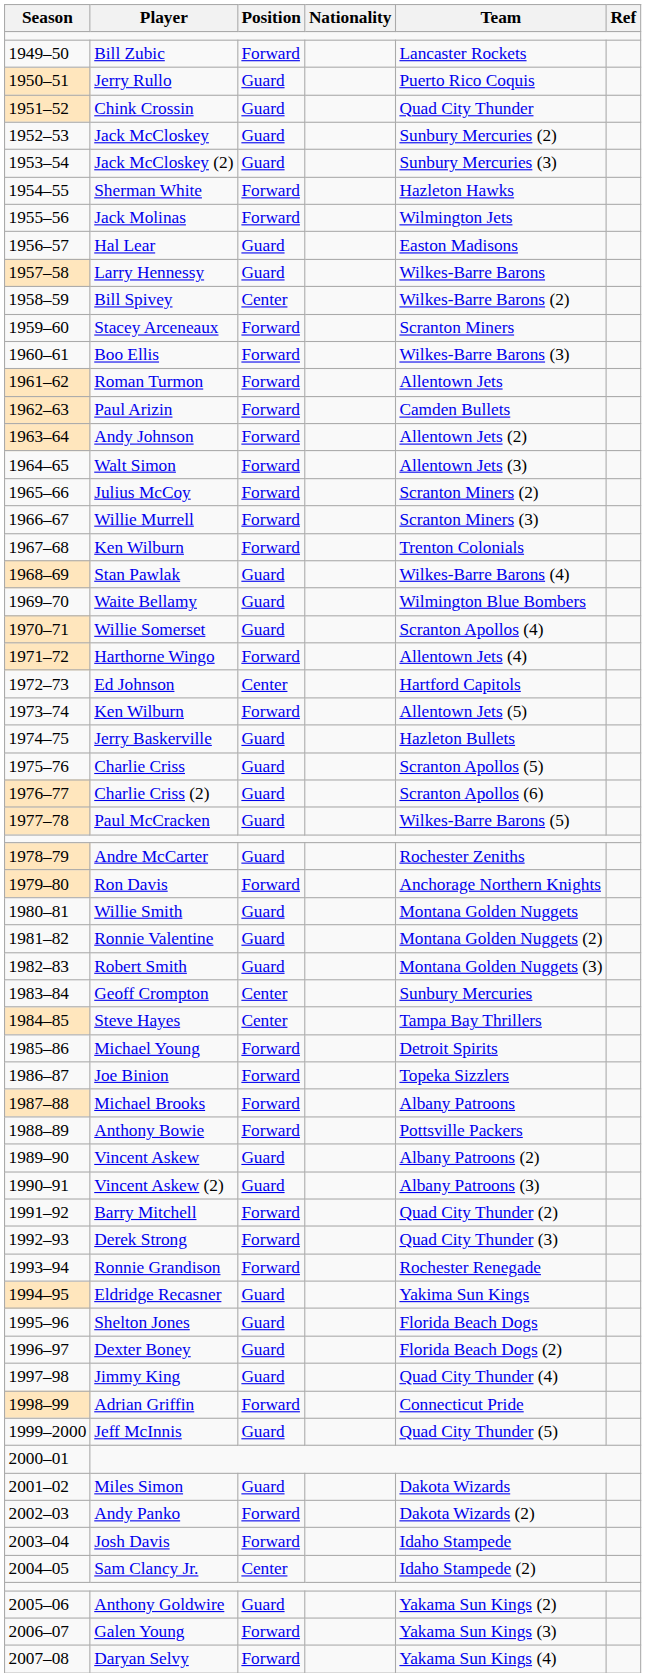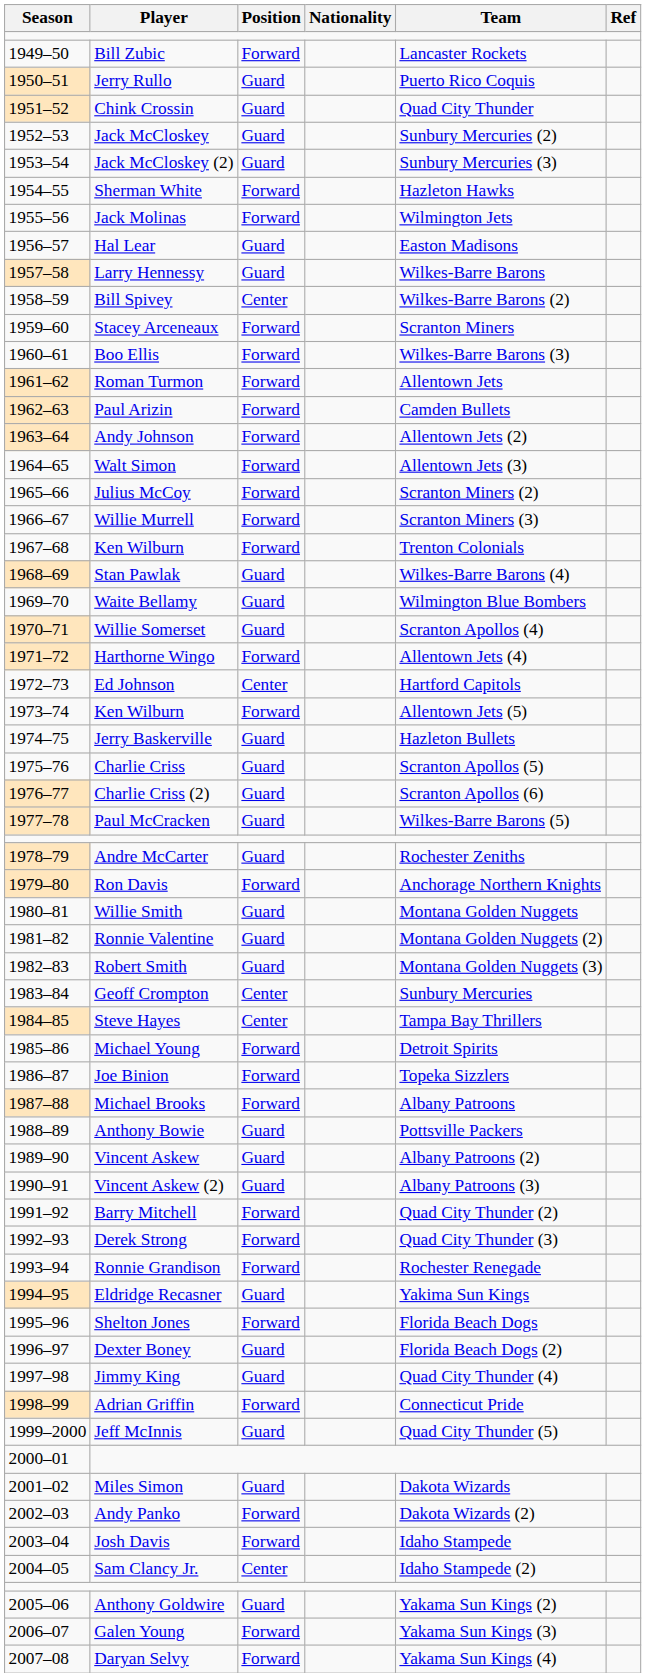 <table class="wikitable plainrowheaders sortable" summary="Season (sortable), Player (sortable), Position (sortable), Nationality (sortable), Team (sortable), Ref (unsortable)">
 <tr>
 <th scope="col">Season</th>
 <th scope="col">Player</th>
 <th scope="col">Position</th>
 <th scope="col">Nationality</th>
 <th scope="col">Team</th>
 <th scope="col">Ref</th>
 </tr>
 <tr>
 <td colspan="6" style="text-align: center;"></td>
 </tr>
 <tr>
 <td>1949–50</td>
 <td><a href='#'>Bill Zubic</a></td>
 <td><a href='#'>Forward</a></td>
 <td></td>
 <td><a href='#'>Lancaster Rockets</a></td>
 <td></td>
 </tr>
 <tr>
 <td style="background-color:#FFE6BD; border:1px solid #aaaaaa;">1950–51</td>
 <td><a href='#'>Jerry Rullo</a></td>
 <td><a href='#'>Guard</a></td>
 <td></td>
 <td><a href='#'>Puerto Rico Coquis</a></td>
 <td></td>
 </tr>
 <tr>
 <td style="background-color:#FFE6BD; border:1px solid #aaaaaa;">1951–52</td>
 <td><a href='#'>Chink Crossin</a></td>
 <td><a href='#'>Guard</a></td>
 <td></td>
 <td><a href='#'>Quad City Thunder</a></td>
 <td></td>
 </tr>
 <tr>
 <td>1952–53</td>
 <td><a href='#'>Jack McCloskey</a></td>
 <td><a href='#'>Guard</a></td>
 <td></td>
 <td><a href='#'>Sunbury Mercuries</a> (2)</td>
 <td></td>
 </tr>
 <tr>
 <td>1953–54</td>
 <td><a href='#'>Jack McCloskey</a> (2)</td>
 <td><a href='#'>Guard</a></td>
 <td></td>
 <td><a href='#'>Sunbury Mercuries</a> (3)</td>
 <td></td>
 </tr>
 <tr>
 <td>1954–55</td>
 <td><a href='#'>Sherman White</a></td>
 <td><a href='#'>Forward</a></td>
 <td></td>
 <td><a href='#'>Hazleton Hawks</a></td>
 <td></td>
 </tr>
 <tr>
 <td>1955–56</td>
 <td><a href='#'>Jack Molinas</a></td>
 <td><a href='#'>Forward</a></td>
 <td></td>
 <td><a href='#'>Wilmington Jets</a></td>
 <td></td>
 </tr>
 <tr>
 <td>1956–57</td>
 <td><a href='#'>Hal Lear</a></td>
 <td><a href='#'>Guard</a></td>
 <td></td>
 <td><a href='#'>Easton Madisons</a></td>
 <td></td>
 </tr>
 <tr>
 <td style="background-color:#FFE6BD; border:1px solid #aaaaaa;">1957–58</td>
 <td><a href='#'>Larry Hennessy</a></td>
 <td><a href='#'>Guard</a></td>
 <td></td>
 <td><a href='#'>Wilkes-Barre Barons</a></td>
 <td></td>
 </tr>
 <tr>
 <td>1958–59</td>
 <td><a href='#'>Bill Spivey</a></td>
 <td><a href='#'>Center</a></td>
 <td></td>
 <td><a href='#'>Wilkes-Barre Barons</a> (2)</td>
 <td></td>
 </tr>
 <tr>
 <td>1959–60</td>
 <td><a href='#'>Stacey Arceneaux</a></td>
 <td><a href='#'>Forward</a></td>
 <td></td>
 <td><a href='#'>Scranton Miners</a></td>
 <td></td>
 </tr>
 <tr>
 <td>1960–61</td>
 <td><a href='#'>Boo Ellis</a></td>
 <td><a href='#'>Forward</a></td>
 <td></td>
 <td><a href='#'>Wilkes-Barre Barons</a> (3)</td>
 <td></td>
 </tr>
 <tr>
 <td style="background-color:#FFE6BD; border:1px solid #aaaaaa;">1961–62</td>
 <td><a href='#'>Roman Turmon</a></td>
 <td><a href='#'>Forward</a></td>
 <td></td>
 <td><a href='#'>Allentown Jets</a></td>
 <td></td>
 </tr>
 <tr>
 <td style="background-color:#FFE6BD; border:1px solid #aaaaaa;">1962–63</td>
 <td><a href='#'>Paul Arizin</a></td>
 <td><a href='#'>Forward</a></td>
 <td></td>
 <td><a href='#'>Camden Bullets</a></td>
 <td></td>
 </tr>
 <tr>
 <td style="background-color:#FFE6BD; border:1px solid #aaaaaa;">1963–64</td>
 <td><a href='#'>Andy Johnson</a></td>
 <td><a href='#'>Forward</a></td>
 <td></td>
 <td><a href='#'>Allentown Jets</a> (2)</td>
 <td></td>
 </tr>
 <tr>
 <td>1964–65</td>
 <td><a href='#'>Walt Simon</a></td>
 <td><a href='#'>Forward</a></td>
 <td></td>
 <td><a href='#'>Allentown Jets</a> (3)</td>
 <td></td>
 </tr>
 <tr>
 <td>1965–66</td>
 <td><a href='#'>Julius McCoy</a></td>
 <td><a href='#'>Forward</a></td>
 <td></td>
 <td><a href='#'>Scranton Miners</a> (2)</td>
 <td></td>
 </tr>
 <tr>
 <td>1966–67</td>
 <td><a href='#'>Willie Murrell</a></td>
 <td><a href='#'>Forward</a></td>
 <td></td>
 <td><a href='#'>Scranton Miners</a> (3)</td>
 <td></td>
 </tr>
 <tr>
 <td>1967–68</td>
 <td><a href='#'>Ken Wilburn</a></td>
 <td><a href='#'>Forward</a></td>
 <td></td>
 <td><a href='#'>Trenton Colonials</a></td>
 <td></td>
 </tr>
 <tr>
 <td style="background-color:#FFE6BD; border:1px solid #aaaaaa;">1968–69</td>
 <td><a href='#'>Stan Pawlak</a></td>
 <td><a href='#'>Guard</a></td>
 <td></td>
 <td><a href='#'>Wilkes-Barre Barons</a> (4)</td>
 <td></td>
 </tr>
 <tr>
 <td>1969–70</td>
 <td><a href='#'>Waite Bellamy</a></td>
 <td><a href='#'>Guard</a></td>
 <td></td>
 <td><a href='#'>Wilmington Blue Bombers</a></td>
 <td></td>
 </tr>
 <tr>
 <td style="background-color:#FFE6BD; border:1px solid #aaaaaa;">1970–71</td>
 <td><a href='#'>Willie Somerset</a></td>
 <td><a href='#'>Guard</a></td>
 <td></td>
 <td><a href='#'>Scranton Apollos</a> (4)</td>
 <td></td>
 </tr>
 <tr>
 <td style="background-color:#FFE6BD; border:1px solid #aaaaaa;">1971–72</td>
 <td><a href='#'>Harthorne Wingo</a></td>
 <td><a href='#'>Forward</a></td>
 <td></td>
 <td><a href='#'>Allentown Jets</a> (4)</td>
 <td></td>
 </tr>
 <tr>
 <td>1972–73</td>
 <td><a href='#'>Ed Johnson</a></td>
 <td><a href='#'>Center</a></td>
 <td></td>
 <td><a href='#'>Hartford Capitols</a></td>
 <td></td>
 </tr>
 <tr>
 <td>1973–74</td>
 <td><a href='#'>Ken Wilburn</a></td>
 <td><a href='#'>Forward</a></td>
 <td></td>
 <td><a href='#'>Allentown Jets</a> (5)</td>
 <td></td>
 </tr>
 <tr>
 <td>1974–75</td>
 <td><a href='#'>Jerry Baskerville</a></td>
 <td><a href='#'>Guard</a></td>
 <td></td>
 <td><a href='#'>Hazleton Bullets</a></td>
 <td></td>
 </tr>
 <tr>
 <td>1975–76</td>
 <td><a href='#'>Charlie Criss</a></td>
 <td><a href='#'>Guard</a></td>
 <td></td>
 <td><a href='#'>Scranton Apollos</a> (5)</td>
 <td></td>
 </tr>
 <tr>
 <td style="background-color:#FFE6BD; border:1px solid #aaaaaa;">1976–77</td>
 <td><a href='#'>Charlie Criss</a> (2)</td>
 <td><a href='#'>Guard</a></td>
 <td></td>
 <td><a href='#'>Scranton Apollos</a> (6)</td>
 <td></td>
 </tr>
 <tr>
 <td style="background-color:#FFE6BD; border:1px solid #aaaaaa;">1977–78</td>
 <td><a href='#'>Paul McCracken</a></td>
 <td><a href='#'>Guard</a></td>
 <td></td>
 <td><a href='#'>Wilkes-Barre Barons</a> (5)</td>
 <td></td>
 </tr>
 <tr>
 <td colspan="6" style="text-align: center;"></td>
 </tr>
 <tr>
 <td style="background-color:#FFE6BD; border:1px solid #aaaaaa;">1978–79</td>
 <td><a href='#'>Andre McCarter</a></td>
 <td><a href='#'>Guard</a></td>
 <td></td>
 <td><a href='#'>Rochester Zeniths</a></td>
 <td></td>
 </tr>
 <tr>
 <td style="background-color:#FFE6BD; border:1px solid #aaaaaa;">1979–80</td>
 <td><a href='#'>Ron Davis</a></td>
 <td><a href='#'>Forward</a></td>
 <td></td>
 <td><a href='#'>Anchorage Northern Knights</a></td>
 <td></td>
 </tr>
 <tr>
 <td>1980–81</td>
 <td><a href='#'>Willie Smith</a></td>
 <td><a href='#'>Guard</a></td>
 <td></td>
 <td><a href='#'>Montana Golden Nuggets</a></td>
 <td></td>
 </tr>
 <tr>
 <td>1981–82</td>
 <td><a href='#'>Ronnie Valentine</a></td>
 <td><a href='#'>Guard</a></td>
 <td></td>
 <td><a href='#'>Montana Golden Nuggets</a> (2)</td>
 <td></td>
 </tr>
 <tr>
 <td>1982–83</td>
 <td><a href='#'>Robert Smith</a></td>
 <td><a href='#'>Guard</a></td>
 <td></td>
 <td><a href='#'>Montana Golden Nuggets</a> (3)</td>
 <td></td>
 </tr>
 <tr>
 <td>1983–84</td>
 <td><a href='#'>Geoff Crompton</a></td>
 <td><a href='#'>Center</a></td>
 <td></td>
 <td><a href='#'>Sunbury Mercuries</a></td>
 <td></td>
 </tr>
 <tr>
 <td style="background-color:#FFE6BD; border:1px solid #aaaaaa;">1984–85</td>
 <td><a href='#'>Steve Hayes</a></td>
 <td><a href='#'>Center</a></td>
 <td></td>
 <td><a href='#'>Tampa Bay Thrillers</a></td>
 <td></td>
 </tr>
 <tr>
 <td>1985–86</td>
 <td><a href='#'>Michael Young</a></td>
 <td><a href='#'>Forward</a></td>
 <td></td>
 <td><a href='#'>Detroit Spirits</a></td>
 <td></td>
 </tr>
 <tr>
 <td>1986–87</td>
 <td><a href='#'>Joe Binion</a></td>
 <td><a href='#'>Forward</a></td>
 <td></td>
 <td><a href='#'>Topeka Sizzlers</a></td>
 <td></td>
 </tr>
 <tr>
 <td style="background-color:#FFE6BD; border:1px solid #aaaaaa;">1987–88</td>
 <td><a href='#'>Michael Brooks</a></td>
 <td><a href='#'>Forward</a></td>
 <td></td>
 <td><a href='#'>Albany Patroons</a></td>
 <td></td>
 </tr>
 <tr>
 <td>1988–89</td>
 <td><a href='#'>Anthony Bowie</a></td>
-<td><a href='#'>Forward</a></td>
+<td><a href='#'>Guard</a></td>
 <td></td>
 <td><a href='#'>Pottsville Packers</a></td>
 <td></td>
 </tr>
 <tr>
 <td>1989–90</td>
 <td><a href='#'>Vincent Askew</a></td>
 <td><a href='#'>Guard</a></td>
 <td></td>
 <td><a href='#'>Albany Patroons</a> (2)</td>
 <td></td>
 </tr>
 <tr>
 <td>1990–91</td>
 <td><a href='#'>Vincent Askew</a> (2)</td>
 <td><a href='#'>Guard</a></td>
 <td></td>
 <td><a href='#'>Albany Patroons</a> (3)</td>
 <td></td>
 </tr>
 <tr>
 <td>1991–92</td>
 <td><a href='#'>Barry Mitchell</a></td>
 <td><a href='#'>Forward</a></td>
 <td></td>
 <td><a href='#'>Quad City Thunder</a> (2)</td>
 <td></td>
 </tr>
 <tr>
 <td>1992–93</td>
 <td><a href='#'>Derek Strong</a></td>
 <td><a href='#'>Forward</a></td>
 <td></td>
 <td><a href='#'>Quad City Thunder</a> (3)</td>
 <td></td>
 </tr>
 <tr>
 <td>1993–94</td>
 <td><a href='#'>Ronnie Grandison</a></td>
 <td><a href='#'>Forward</a></td>
 <td></td>
 <td><a href='#'>Rochester Renegade</a></td>
 <td></td>
 </tr>
 <tr>
 <td style="background-color:#FFE6BD; border:1px solid #aaaaaa;">1994–95</td>
 <td><a href='#'>Eldridge Recasner</a></td>
 <td><a href='#'>Guard</a></td>
 <td></td>
 <td><a href='#'>Yakima Sun Kings</a></td>
 <td></td>
 </tr>
 <tr>
 <td>1995–96</td>
 <td><a href='#'>Shelton Jones</a></td>
-<td><a href='#'>Guard</a></td>
+<td><a href='#'>Forward</a></td>
 <td></td>
 <td><a href='#'>Florida Beach Dogs</a></td>
 <td></td>
 </tr>
 <tr>
 <td>1996–97</td>
 <td><a href='#'>Dexter Boney</a></td>
 <td><a href='#'>Guard</a></td>
 <td></td>
 <td><a href='#'>Florida Beach Dogs</a> (2)</td>
 <td></td>
 </tr>
 <tr>
 <td>1997–98</td>
 <td><a href='#'>Jimmy King</a></td>
 <td><a href='#'>Guard</a></td>
 <td></td>
 <td><a href='#'>Quad City Thunder</a> (4)</td>
 <td></td>
 </tr>
 <tr>
 <td style="background-color:#FFE6BD; border:1px solid #aaaaaa;">1998–99</td>
 <td><a href='#'>Adrian Griffin</a></td>
 <td><a href='#'>Forward</a></td>
 <td></td>
 <td><a href='#'>Connecticut Pride</a></td>
 <td></td>
 </tr>
 <tr>
 <td>1999–2000</td>
 <td><a href='#'>Jeff McInnis</a></td>
 <td><a href='#'>Guard</a></td>
 <td></td>
 <td><a href='#'>Quad City Thunder</a> (5)</td>
 <td></td>
 </tr>
 <tr>
 <td>2000–01</td>
 <td colspan="5" style="text-align: center;"></td>
 </tr>
 <tr>
 <td>2001–02</td>
 <td><a href='#'>Miles Simon</a></td>
 <td><a href='#'>Guard</a></td>
 <td></td>
 <td><a href='#'>Dakota Wizards</a></td>
 <td></td>
 </tr>
 <tr>
 <td>2002–03</td>
 <td><a href='#'>Andy Panko</a></td>
 <td><a href='#'>Forward</a></td>
 <td></td>
 <td><a href='#'>Dakota Wizards</a> (2)</td>
 <td></td>
 </tr>
 <tr>
 <td>2003–04</td>
 <td><a href='#'>Josh Davis</a></td>
 <td><a href='#'>Forward</a></td>
 <td></td>
 <td><a href='#'>Idaho Stampede</a></td>
 <td></td>
 </tr>
 <tr>
 <td>2004–05</td>
 <td><a href='#'>Sam Clancy Jr.</a></td>
 <td><a href='#'>Center</a></td>
 <td></td>
 <td><a href='#'>Idaho Stampede</a> (2)</td>
 <td></td>
 </tr>
 <tr>
 <td colspan="6" style="text-align: center;"></td>
 </tr>
 <tr>
 <td>2005–06</td>
 <td><a href='#'>Anthony Goldwire</a></td>
 <td><a href='#'>Guard</a></td>
 <td></td>
 <td><a href='#'>Yakama Sun Kings</a> (2)</td>
 <td></td>
 </tr>
 <tr>
 <td>2006–07</td>
 <td><a href='#'>Galen Young</a></td>
 <td><a href='#'>Forward</a></td>
 <td></td>
 <td><a href='#'>Yakama Sun Kings</a> (3)</td>
 <td></td>
 </tr>
 <tr>
 <td>2007–08</td>
 <td><a href='#'>Daryan Selvy</a></td>
 <td><a href='#'>Forward</a></td>
 <td></td>
 <td><a href='#'>Yakama Sun Kings</a> (4)</td>
 <td></td>
 </tr>
 </table>
